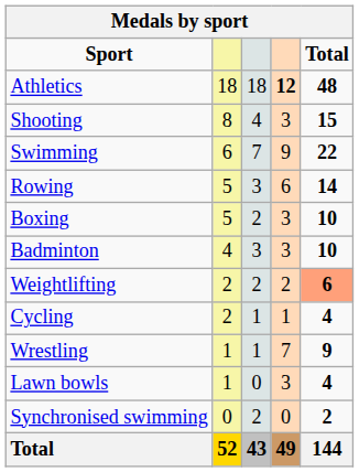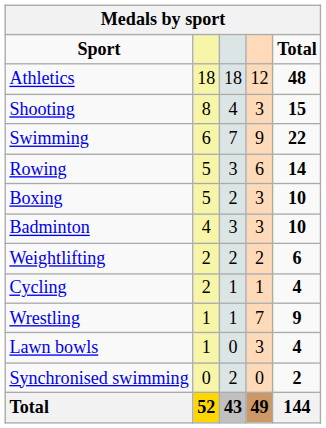 <table class="wikitable" style="font-size:85%;float:right;text-align:center">
 <tr style="background:#efefef;">
 <th colspan=7>Medals by sport</th>
 </tr>
 <tr>
 <td><strong>Sport</strong></td>
 <td bgcolor=#f7f6a8></td>
 <td bgcolor=#dce5e5></td>
 <td bgcolor=#ffdab9></td>
 <td><strong>Total</strong></td>
 </tr>
 <tr>
 <td style="text-align:left;"><a href='#'>Athletics</a></td>
 <td style="background:#F7F6A8;">18</td>
 <td style="background:#DCE5E5;">18</td>
-<td style="background:#FFDAB9;"><strong>12</strong></td>
+<td style="background:#FFDAB9;">12</td>
 <td><strong>48</strong></td>
 </tr>
 <tr>
 <td style="text-align:left;"><a href='#'>Shooting</a></td>
 <td style="background:#F7F6A8;">8</td>
 <td style="background:#DCE5E5;">4</td>
 <td style="background:#FFDAB9;">3</td>
 <td><strong>15</strong></td>
 </tr>
 <tr>
 <td style="text-align:left;"><a href='#'>Swimming</a></td>
 <td style="background:#F7F6A8;">6</td>
 <td style="background:#DCE5E5;">7</td>
 <td style="background:#FFDAB9;">9</td>
 <td><strong>22</strong></td>
 </tr>
 <tr>
 <td style="text-align:left;"><a href='#'>Rowing</a></td>
 <td style="background:#F7F6A8;">5</td>
 <td style="background:#DCE5E5;">3</td>
 <td style="background:#FFDAB9;">6</td>
 <td><strong>14</strong></td>
 </tr>
 <tr>
 <td style="text-align:left;"><a href='#'>Boxing</a></td>
 <td style="background:#F7F6A8;">5</td>
 <td style="background:#DCE5E5;">2</td>
 <td style="background:#FFDAB9;">3</td>
 <td><strong>10</strong></td>
 </tr>
 <tr>
 <td style="text-align:left;"><a href='#'>Badminton</a></td>
 <td style="background:#F7F6A8;">4</td>
 <td style="background:#DCE5E5;">3</td>
 <td style="background:#FFDAB9;">3</td>
 <td><strong>10</strong></td>
 </tr>
 <tr>
 <td style="text-align:left;"><a href='#'>Weightlifting</a></td>
 <td style="background:#F7F6A8;">2</td>
 <td style="background:#DCE5E5;">2</td>
 <td style="background:#FFDAB9;">2</td>
-<td style="background: lightsalmon;"><strong>6</strong></td>
+<td><strong>6</strong></td>
 </tr>
 <tr>
 <td style="text-align:left;"><a href='#'>Cycling</a></td>
 <td style="background:#F7F6A8;">2</td>
 <td style="background:#DCE5E5;">1</td>
 <td style="background:#FFDAB9;">1</td>
 <td><strong>4</strong></td>
 </tr>
 <tr>
 <td style="text-align:left;"><a href='#'>Wrestling</a></td>
 <td style="background:#F7F6A8;">1</td>
 <td style="background:#DCE5E5;">1</td>
 <td style="background:#FFDAB9;">7</td>
 <td><strong>9</strong></td>
 </tr>
 <tr>
 <td style="text-align:left;"><a href='#'>Lawn bowls</a></td>
 <td style="background:#F7F6A8;">1</td>
 <td style="background:#DCE5E5;">0</td>
 <td style="background:#FFDAB9;">3</td>
 <td><strong>4</strong></td>
 </tr>
 <tr>
 <td style="text-align:left;"><a href='#'>Synchronised swimming</a></td>
 <td style="background:#F7F6A8;">0</td>
 <td style="background:#DCE5E5;">2</td>
 <td style="background:#FFDAB9;">0</td>
 <td><strong>2</strong></td>
 </tr>
 <tr>
 <th style="text-align:left;">Total</th>
 <th style="background:gold;">52</th>
 <th style="background:silver;">43</th>
 <th style="background:#c96;">49</th>
 <th>144</th>
 </tr>
 </table>
